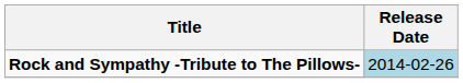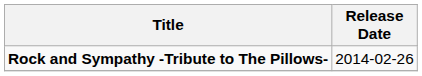 <table class="wikitable">
 <tr>
 <th>Title</th>
 <th>Release<br> Date</th>
 </tr>
 <tr>
 <td><strong>Rock and Sympathy -Tribute to The Pillows-</strong><br></td>
-<td style="background: lightblue;">2014-02-26</td>
+<td>2014-02-26</td>
 </tr>
 <tr>
 </tr>
 </table>
